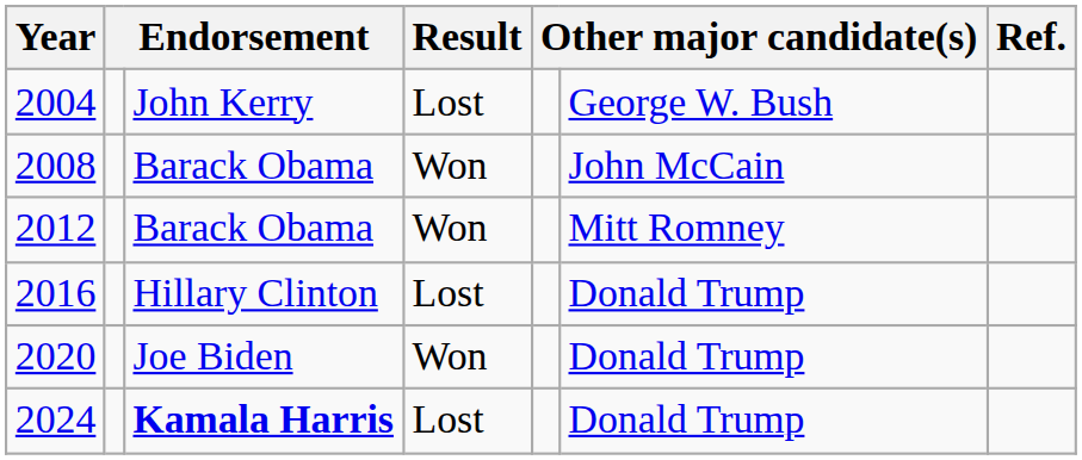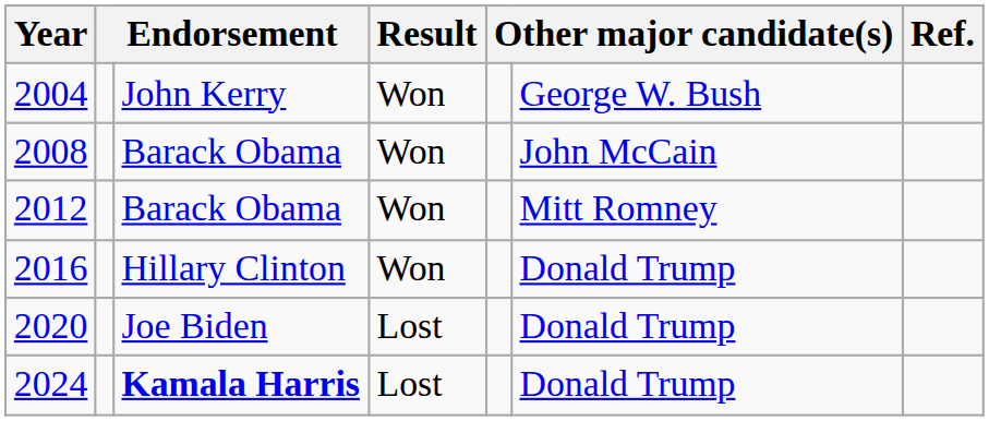 <table class="wikitable sortable">
 <tr>
 <th>Year</th>
 <th colspan="2">Endorsement</th>
 <th>Result</th>
 <th class="unsortable" colspan="6">Other major candidate(s)</th>
 <th class="unsortable">Ref.</th>
 </tr>
 <tr>
 <td><a href='#'>2004</a></td>
 <td style="background-color:"></td>
 <td data-sort-value="Kerry, John"><a href='#'>John Kerry</a></td>
-<td>Lost</td>
+<td>Won</td>
 <td style="background-color:"></td>
 <td colspan="5"><a href='#'>George W. Bush</a></td>
 <td></td>
 </tr>
 <tr>
 <td><a href='#'>2008</a></td>
 <td style="background-color:"></td>
 <td data-sort-value="Obama, Barack"><a href='#'>Barack Obama</a></td>
 <td>Won</td>
 <td style="background-color:"></td>
 <td colspan="5"><a href='#'>John McCain</a></td>
 <td></td>
 </tr>
 <tr>
 <td><a href='#'>2012</a></td>
 <td style="background-color:"></td>
 <td data-sort-value="Obama, Barack"><a href='#'>Barack Obama</a></td>
 <td>Won</td>
 <td style="background-color:"></td>
 <td colspan="5"><a href='#'>Mitt Romney</a></td>
 <td></td>
 </tr>
 <tr>
 <td><a href='#'>2016</a></td>
 <td style="background-color:"></td>
 <td data-sort-value="Clinton, Hillary"><a href='#'>Hillary Clinton</a></td>
-<td>Lost</td>
+<td>Won</td>
 <td style="background-color:"></td>
 <td colspan="5"><a href='#'>Donald Trump</a></td>
 <td></td>
 </tr>
 <tr>
 <td><a href='#'>2020</a></td>
 <td style="background-color:"></td>
 <td data-sort-value="Biden, Joe"><a href='#'>Joe Biden</a></td>
-<td>Won</td>
+<td>Lost</td>
 <td style="background-color:"></td>
 <td colspan="5"><a href='#'>Donald Trump</a></td>
 <td></td>
 </tr>
 <tr>
 <td><a href='#'>2024</a></td>
 <td style="background-color:"></td>
 <td data-sort-value="Harris, Kamala"><strong><a href='#'>Kamala Harris</a></strong></td>
 <td>Lost</td>
 <td style="background-color:"></td>
 <td colspan="5"><a href='#'>Donald Trump</a></td>
 <td></td>
 </tr>
 </table>
